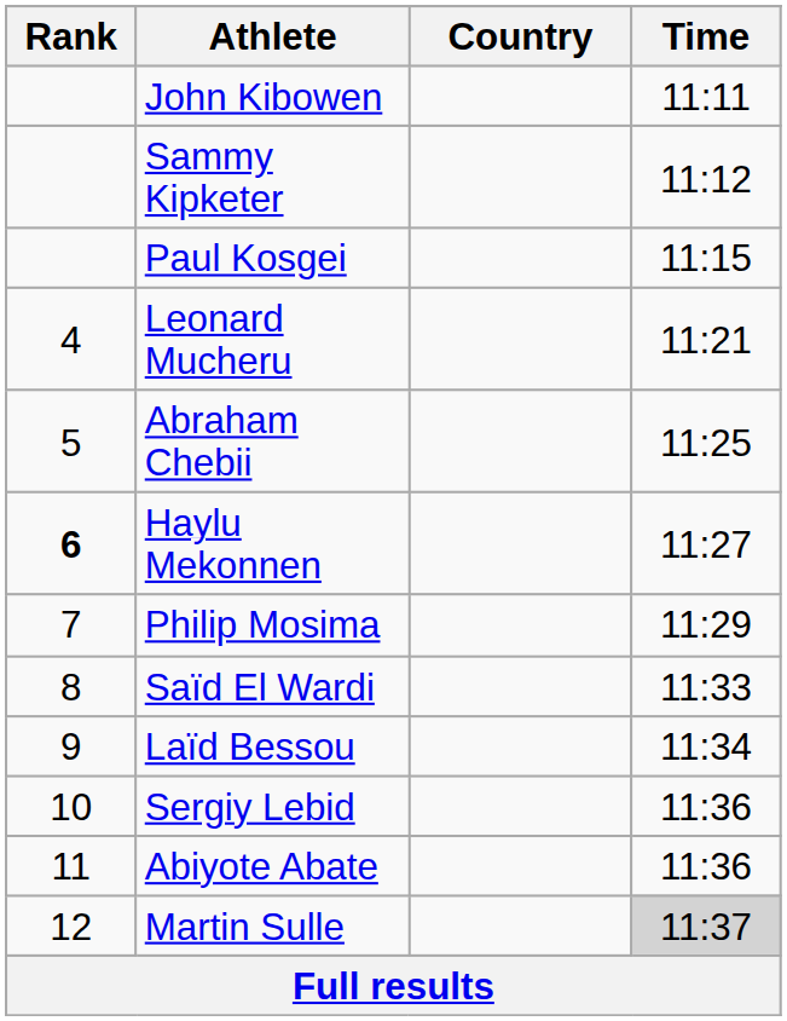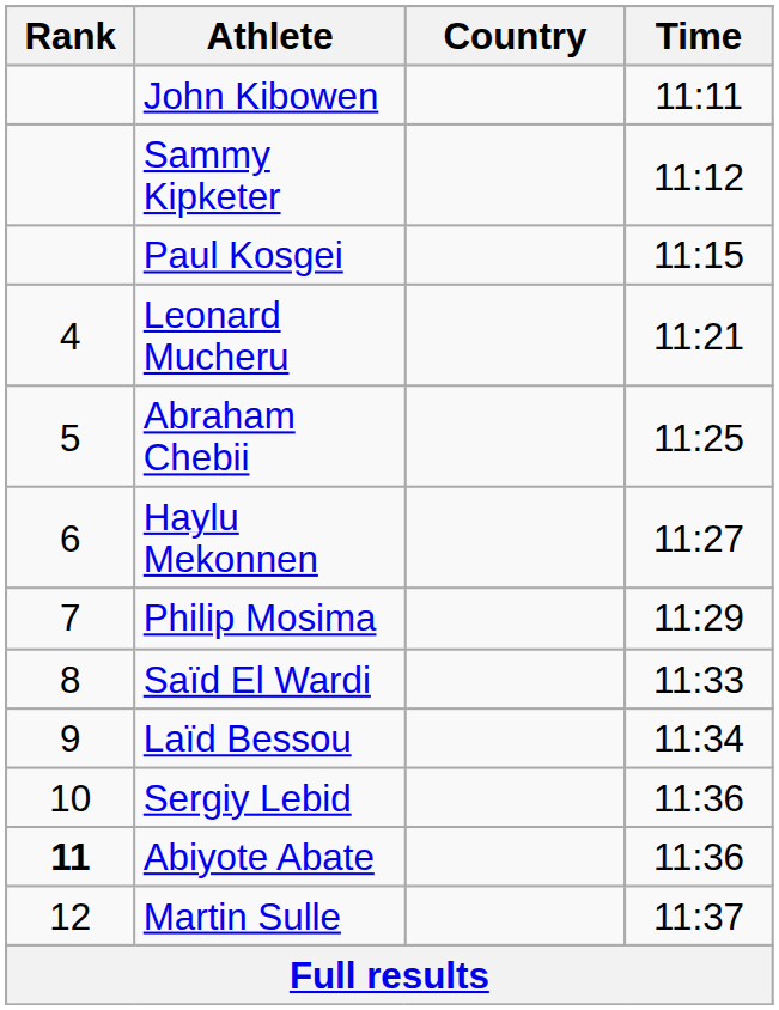 <table class="wikitable sortable" style=" text-align:center; font-size:95%;" width="50%">
 <tr>
 </tr>
 <tr>
 <th width=5%>Rank</th>
 <th width=20%>Athlete</th>
 <th width=15%>Country</th>
 <th width=10%>Time</th>
 </tr>
 <tr>
 <td align=center></td>
 <td align=left><a href='#'>John Kibowen</a></td>
 <td align=left></td>
 <td>11:11</td>
 </tr>
 <tr>
 <td align=center></td>
 <td align=left><a href='#'>Sammy Kipketer</a></td>
 <td align=left></td>
 <td>11:12</td>
 </tr>
 <tr>
 <td align=center></td>
 <td align=left><a href='#'>Paul Kosgei</a></td>
 <td align=left></td>
 <td>11:15</td>
 </tr>
 <tr>
 <td align=center>4</td>
 <td align=left><a href='#'>Leonard Mucheru</a></td>
 <td align=left></td>
 <td>11:21</td>
 </tr>
 <tr>
 <td align=center>5</td>
 <td align=left><a href='#'>Abraham Chebii</a></td>
 <td align=left></td>
 <td>11:25</td>
 </tr>
 <tr>
-<td align=center><strong>6</strong></td>
+<td align=center>6</td>
 <td align=left><a href='#'>Haylu Mekonnen</a></td>
 <td align=left></td>
 <td>11:27</td>
 </tr>
 <tr>
 <td align=center>7</td>
 <td align=left><a href='#'>Philip Mosima</a></td>
 <td align=left></td>
 <td>11:29</td>
 </tr>
 <tr>
 <td align=center>8</td>
 <td align=left><a href='#'>Saïd El Wardi</a></td>
 <td align=left></td>
 <td>11:33</td>
 </tr>
 <tr>
 <td align=center>9</td>
 <td align=left><a href='#'>Laïd Bessou</a></td>
 <td align=left></td>
 <td>11:34</td>
 </tr>
 <tr>
 <td align=center>10</td>
 <td align=left><a href='#'>Sergiy Lebid</a></td>
 <td align=left></td>
 <td>11:36</td>
 </tr>
 <tr>
-<td align=center>11</td>
+<td align=center><strong>11</strong></td>
 <td align=left><a href='#'>Abiyote Abate</a></td>
 <td align=left></td>
 <td>11:36</td>
 </tr>
 <tr>
 <td align=center>12</td>
 <td align=left><a href='#'>Martin Sulle</a></td>
 <td align=left></td>
-<td style="background: lightgrey;">11:37</td>
+<td>11:37</td>
 </tr>
 <tr class="sortbottom">
 <th colspan=4 align=center><a href='#'>Full results</a></th>
 </tr>
 </table>
